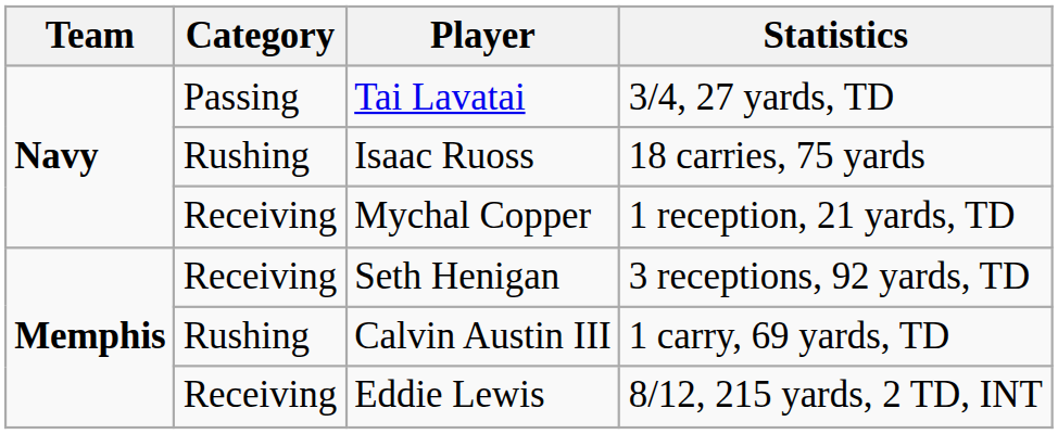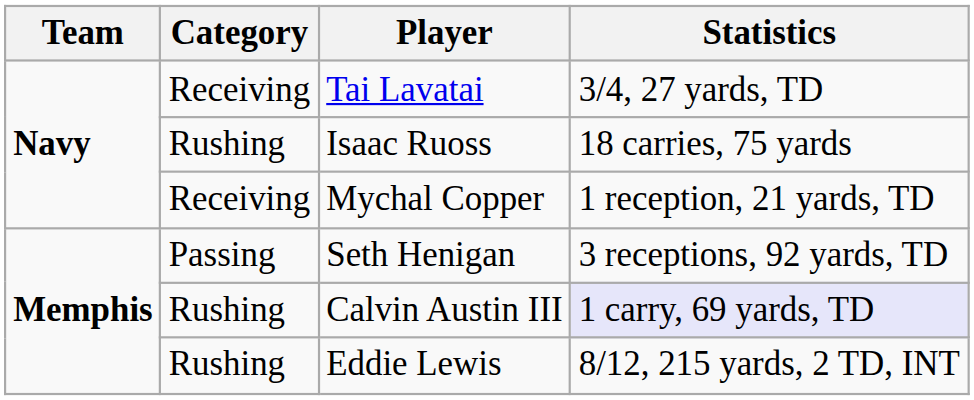 <table class="wikitable" style="float: left;">
 <tr>
 <th>Team</th>
 <th>Category</th>
 <th>Player</th>
 <th>Statistics</th>
 </tr>
 <tr>
 <td rowspan=3><strong>Navy</strong></td>
-<td>Passing</td>
+<td>Receiving</td>
 <td><a href='#'>Tai Lavatai</a></td>
 <td>3/4, 27 yards, TD</td>
 </tr>
 <tr>
 <td>Rushing</td>
 <td>Isaac Ruoss</td>
 <td>18 carries, 75 yards</td>
 </tr>
 <tr>
 <td>Receiving</td>
 <td>Mychal Copper</td>
 <td>1 reception, 21 yards, TD</td>
 </tr>
 <tr>
 <td rowspan=3><strong>Memphis</strong></td>
-<td>Receiving</td>
+<td>Passing</td>
 <td>Seth Henigan</td>
 <td>3 receptions, 92 yards, TD</td>
 </tr>
 <tr>
 <td>Rushing</td>
 <td>Calvin Austin III</td>
-<td>1 carry, 69 yards, TD</td>
+<td style="background: lavender;">1 carry, 69 yards, TD</td>
 </tr>
 <tr>
-<td>Receiving</td>
+<td>Rushing</td>
 <td>Eddie Lewis</td>
 <td>8/12, 215 yards, 2 TD, INT</td>
 </tr>
 </table>
